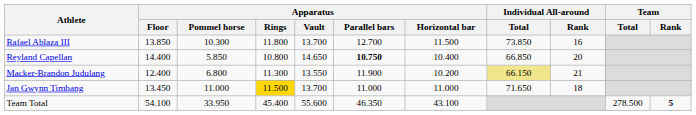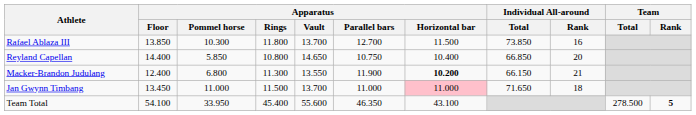 <table class="wikitable" width="85%" style="text-align:left; font-size:90%">
 <tr>
 <th rowspan=2>Athlete</th>
 <th colspan=6>Apparatus</th>
 <th colspan=2>Individual All-around</th>
 <th colspan=2>Team</th>
 </tr>
 <tr>
 <th>Floor</th>
 <th>Pommel horse</th>
 <th>Rings</th>
 <th>Vault</th>
 <th>Parallel bars</th>
 <th>Horizontal bar</th>
 <th>Total</th>
 <th>Rank</th>
 <th>Total</th>
 <th width="6%">Rank</th>
 </tr>
 <tr>
 <td><a href='#'>Rafael Ablaza III</a></td>
 <td align="center">13.850 <strong></strong></td>
 <td align="center">10.300</td>
 <td align="center">11.800 <strong></strong></td>
 <td align="center">13.700 <strong></strong></td>
 <td align="center">12.700 <strong></strong></td>
 <td align="center">11.500 <strong></strong></td>
 <td align="center">73.850 <strong></strong></td>
 <td align="center">16</td>
 <td bgcolor=#DCDCDC colspan=2></td>
 </tr>
 <tr>
 <td><a href='#'>Reyland Capellan</a></td>
 <td align="center">14.400 <strong></strong></td>
 <td align="center">5.850</td>
 <td align="center">10.800</td>
 <td align="center">14.650 <strong></strong></td>
-<td align="center"><strong>10.750</strong></td>
+<td align="center">10.750</td>
 <td align="center">10.400</td>
 <td align="center">66.850</td>
 <td align="center">20</td>
 <td bgcolor=#DCDCDC colspan=2></td>
 </tr>
 <tr>
 <td><a href='#'>Macker-Brandon Judulang</a></td>
 <td align="center">12.400</td>
 <td align="center">6.800</td>
 <td align="center">11.300</td>
 <td align="center">13.550</td>
 <td align="center">11.900</td>
-<td align="center">10.200</td>
-<td align="center" style="background: khaki;">66.150</td>
+<td align="center"><strong>10.200</strong></td>
+<td align="center">66.150</td>
 <td align="center">21</td>
 <td bgcolor=#DCDCDC colspan=2></td>
 </tr>
 <tr>
 <td><a href='#'>Jan Gwynn Timbang</a></td>
 <td align="center">13.450</td>
 <td align="center">11.000 <strong></strong></td>
-<td align="center" style="background: gold;">11.500 <strong></strong></td>
+<td align="center">11.500 <strong></strong></td>
 <td align="center">13.700</td>
 <td align="center">11.000</td>
-<td align="center">11.000</td>
+<td align="center" style="background: pink;">11.000</td>
 <td align="center">71.650 <strong></strong></td>
 <td align="center">18</td>
 <td bgcolor=#DCDCDC colspan=2></td>
 </tr>
 <tr>
 <td>Team Total</td>
 <td align="center">54.100</td>
 <td align="center">33.950</td>
 <td align="center">45.400</td>
 <td align="center">55.600</td>
 <td align="center">46.350</td>
 <td align="center">43.100</td>
 <td bgcolor=#DCDCDC colspan=2></td>
 <td align="center">278.500</td>
 <td align="center"><strong>5</strong></td>
 </tr>
 </table>
